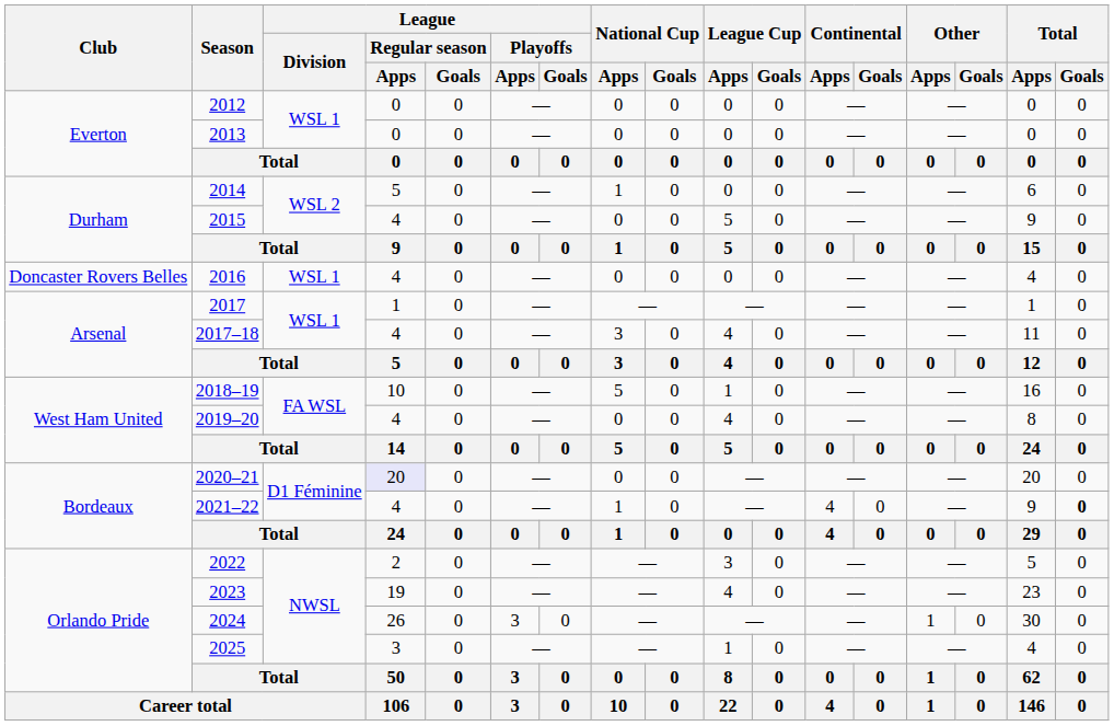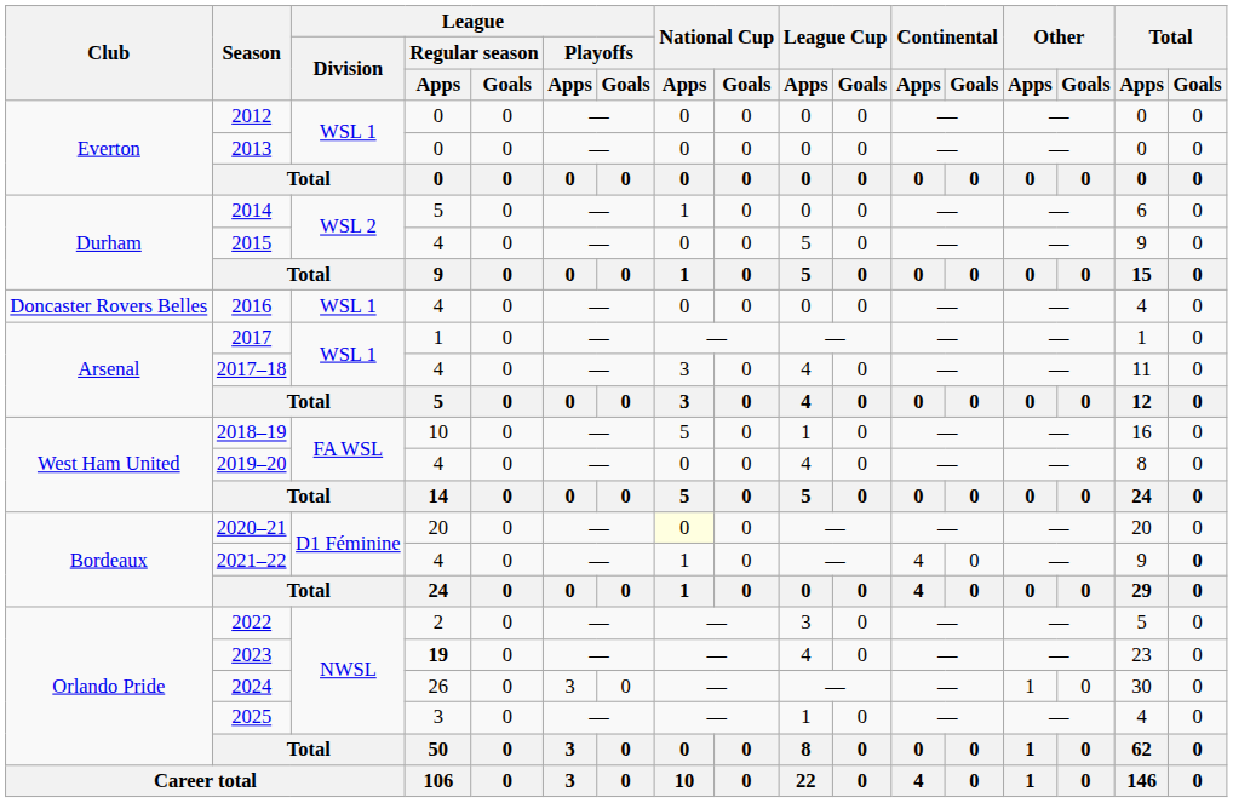 <table class="wikitable" style="text-align:center">
 <tr>
 <th rowspan="3">Club</th>
 <th rowspan="3">Season</th>
 <th colspan="5">League</th>
 <th colspan="2" rowspan="2">National Cup</th>
 <th colspan="2" rowspan="2">League Cup</th>
 <th colspan="2" rowspan="2">Continental</th>
 <th colspan="2" rowspan="2">Other</th>
 <th colspan="2" rowspan="2">Total</th>
 </tr>
 <tr>
 <th rowspan="2">Division</th>
 <th colspan="2">Regular season</th>
 <th colspan="2">Playoffs</th>
 </tr>
 <tr>
 <th>Apps</th>
 <th>Goals</th>
 <th>Apps</th>
 <th>Goals</th>
 <th>Apps</th>
 <th>Goals</th>
 <th>Apps</th>
 <th>Goals</th>
 <th>Apps</th>
 <th>Goals</th>
 <th>Apps</th>
 <th>Goals</th>
 <th>Apps</th>
 <th>Goals</th>
 </tr>
 <tr>
 <td rowspan="3"><a href='#'>Everton</a></td>
 <td><a href='#'>2012</a></td>
 <td rowspan="2"><a href='#'>WSL 1</a></td>
 <td>0</td>
 <td>0</td>
 <td colspan="2">—</td>
 <td>0</td>
 <td>0</td>
 <td>0</td>
 <td>0</td>
 <td colspan="2">—</td>
 <td colspan="2">—</td>
 <td>0</td>
 <td>0</td>
 </tr>
 <tr>
 <td><a href='#'>2013</a></td>
 <td>0</td>
 <td>0</td>
 <td colspan="2">—</td>
 <td>0</td>
 <td>0</td>
 <td>0</td>
 <td>0</td>
 <td colspan="2">—</td>
 <td colspan="2">—</td>
 <td>0</td>
 <td>0</td>
 </tr>
 <tr>
 <th colspan="2">Total</th>
 <th>0</th>
 <th>0</th>
 <th>0</th>
 <th>0</th>
 <th>0</th>
 <th>0</th>
 <th>0</th>
 <th>0</th>
 <th>0</th>
 <th>0</th>
 <th>0</th>
 <th>0</th>
 <th>0</th>
 <th>0</th>
 </tr>
 <tr>
 <td rowspan="3"><a href='#'>Durham</a></td>
 <td><a href='#'>2014</a></td>
 <td rowspan="2"><a href='#'>WSL 2</a></td>
 <td>5</td>
 <td>0</td>
 <td colspan="2">—</td>
 <td>1</td>
 <td>0</td>
 <td>0</td>
 <td>0</td>
 <td colspan="2">—</td>
 <td colspan="2">—</td>
 <td>6</td>
 <td>0</td>
 </tr>
 <tr>
 <td><a href='#'>2015</a></td>
 <td>4</td>
 <td>0</td>
 <td colspan="2">—</td>
 <td>0</td>
 <td>0</td>
 <td>5</td>
 <td>0</td>
 <td colspan="2">—</td>
 <td colspan="2">—</td>
 <td>9</td>
 <td>0</td>
 </tr>
 <tr>
 <th colspan="2">Total</th>
 <th>9</th>
 <th>0</th>
 <th>0</th>
 <th>0</th>
 <th>1</th>
 <th>0</th>
 <th>5</th>
 <th>0</th>
 <th>0</th>
 <th>0</th>
 <th>0</th>
 <th>0</th>
 <th>15</th>
 <th>0</th>
 </tr>
 <tr>
 <td><a href='#'>Doncaster Rovers Belles</a></td>
 <td><a href='#'>2016</a></td>
 <td><a href='#'>WSL 1</a></td>
 <td>4</td>
 <td>0</td>
 <td colspan="2">—</td>
 <td>0</td>
 <td>0</td>
 <td>0</td>
 <td>0</td>
 <td colspan="2">—</td>
 <td colspan="2">—</td>
 <td>4</td>
 <td>0</td>
 </tr>
 <tr>
 <td rowspan="3"><a href='#'>Arsenal</a></td>
 <td><a href='#'>2017</a></td>
 <td rowspan="2"><a href='#'>WSL 1</a></td>
 <td>1</td>
 <td>0</td>
 <td colspan="2">—</td>
 <td colspan="2">—</td>
 <td colspan="2">—</td>
 <td colspan="2">—</td>
 <td colspan="2">—</td>
 <td>1</td>
 <td>0</td>
 </tr>
 <tr>
 <td><a href='#'>2017–18</a></td>
 <td>4</td>
 <td>0</td>
 <td colspan="2">—</td>
 <td>3</td>
 <td>0</td>
 <td>4</td>
 <td>0</td>
 <td colspan="2">—</td>
 <td colspan="2">—</td>
 <td>11</td>
 <td>0</td>
 </tr>
 <tr>
 <th colspan="2">Total</th>
 <th>5</th>
 <th>0</th>
 <th>0</th>
 <th>0</th>
 <th>3</th>
 <th>0</th>
 <th>4</th>
 <th>0</th>
 <th>0</th>
 <th>0</th>
 <th>0</th>
 <th>0</th>
 <th>12</th>
 <th>0</th>
 </tr>
 <tr>
 <td rowspan="3"><a href='#'>West Ham United</a></td>
 <td><a href='#'>2018–19</a></td>
 <td rowspan="2"><a href='#'>FA WSL</a></td>
 <td>10</td>
 <td>0</td>
 <td colspan="2">—</td>
 <td>5</td>
 <td>0</td>
 <td>1</td>
 <td>0</td>
 <td colspan="2">—</td>
 <td colspan="2">—</td>
 <td>16</td>
 <td>0</td>
 </tr>
 <tr>
 <td><a href='#'>2019–20</a></td>
 <td>4</td>
 <td>0</td>
 <td colspan="2">—</td>
 <td>0</td>
 <td>0</td>
 <td>4</td>
 <td>0</td>
 <td colspan="2">—</td>
 <td colspan="2">—</td>
 <td>8</td>
 <td>0</td>
 </tr>
 <tr>
 <th colspan="2">Total</th>
 <th>14</th>
 <th>0</th>
 <th>0</th>
 <th>0</th>
 <th>5</th>
 <th>0</th>
 <th>5</th>
 <th>0</th>
 <th>0</th>
 <th>0</th>
 <th>0</th>
 <th>0</th>
 <th>24</th>
 <th>0</th>
 </tr>
 <tr>
 <td rowspan="3"><a href='#'>Bordeaux</a></td>
 <td><a href='#'>2020–21</a></td>
 <td rowspan="2"><a href='#'>D1 Féminine</a></td>
-<td style="background: lavender;">20</td>
+<td>20</td>
 <td>0</td>
 <td colspan="2">—</td>
-<td>0</td>
+<td style="background: lightyellow;">0</td>
 <td>0</td>
 <td colspan="2">—</td>
 <td colspan="2">—</td>
 <td colspan="2">—</td>
 <td>20</td>
 <td>0</td>
 </tr>
 <tr>
 <td><a href='#'>2021–22</a></td>
 <td>4</td>
 <td>0</td>
 <td colspan="2">—</td>
 <td>1</td>
 <td>0</td>
 <td colspan="2">—</td>
 <td>4</td>
 <td>0</td>
 <td colspan="2">—</td>
 <td>9</td>
 <td><strong>0</strong></td>
 </tr>
 <tr>
 <th colspan="2">Total</th>
 <th>24</th>
 <th>0</th>
 <th>0</th>
 <th>0</th>
 <th>1</th>
 <th>0</th>
 <th>0</th>
 <th>0</th>
 <th>4</th>
 <th>0</th>
 <th>0</th>
 <th>0</th>
 <th>29</th>
 <th>0</th>
 </tr>
 <tr>
 <td rowspan="5"><a href='#'>Orlando Pride</a></td>
 <td><a href='#'>2022</a></td>
 <td rowspan="4"><a href='#'>NWSL</a></td>
 <td>2</td>
 <td>0</td>
 <td colspan="2">—</td>
 <td colspan="2">—</td>
 <td>3</td>
 <td>0</td>
 <td colspan="2">—</td>
 <td colspan="2">—</td>
 <td>5</td>
 <td>0</td>
 </tr>
 <tr>
 <td><a href='#'>2023</a></td>
-<td>19</td>
+<td><strong>19</strong></td>
 <td>0</td>
 <td colspan="2">—</td>
 <td colspan="2">—</td>
 <td>4</td>
 <td>0</td>
 <td colspan="2">—</td>
 <td colspan="2">—</td>
 <td>23</td>
 <td>0</td>
 </tr>
 <tr>
 <td><a href='#'>2024</a></td>
 <td>26</td>
 <td>0</td>
 <td>3</td>
 <td>0</td>
 <td colspan="2">—</td>
 <td colspan="2">—</td>
 <td colspan="2">—</td>
 <td>1</td>
 <td>0</td>
 <td>30</td>
 <td>0</td>
 </tr>
 <tr>
 <td><a href='#'>2025</a></td>
 <td>3</td>
 <td>0</td>
 <td colspan="2">—</td>
 <td colspan="2">—</td>
 <td>1</td>
 <td>0</td>
 <td colspan="2">—</td>
 <td colspan="2">—</td>
 <td>4</td>
 <td>0</td>
 </tr>
 <tr>
 <th colspan="2">Total</th>
 <th>50</th>
 <th>0</th>
 <th>3</th>
 <th>0</th>
 <th>0</th>
 <th>0</th>
 <th>8</th>
 <th>0</th>
 <th>0</th>
 <th>0</th>
 <th>1</th>
 <th>0</th>
 <th>62</th>
 <th>0</th>
 </tr>
 <tr>
 <th colspan="3">Career total</th>
 <th>106</th>
 <th>0</th>
 <th>3</th>
 <th>0</th>
 <th>10</th>
 <th>0</th>
 <th>22</th>
 <th>0</th>
 <th>4</th>
 <th>0</th>
 <th>1</th>
 <th>0</th>
 <th>146</th>
 <th>0</th>
 </tr>
 </table>
